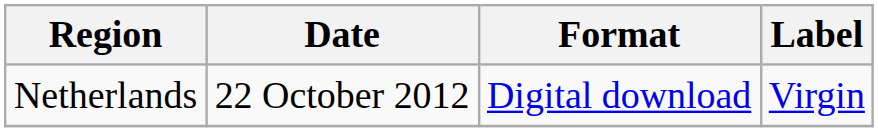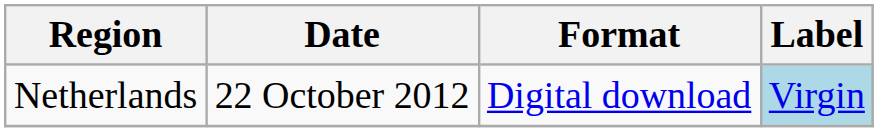 <table class="wikitable">
 <tr>
 <th>Region</th>
 <th>Date</th>
 <th>Format</th>
 <th>Label</th>
 </tr>
 <tr>
 <td>Netherlands</td>
 <td>22 October 2012</td>
 <td><a href='#'>Digital download</a></td>
-<td><a href='#'>Virgin</a></td>
+<td style="background: lightblue;"><a href='#'>Virgin</a></td>
 </tr>
 <tr>
 </tr>
 </table>
